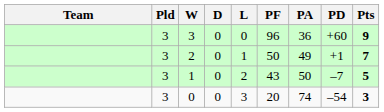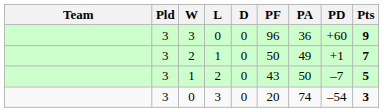 <table class="wikitable" style="text-align:center;">
 <tr>
 <th width=175>Team</th>
 <th width=25 abbr="Played">Pld</th>
 <th width=25 abbr="Won">W</th>
+<th width=25 abbr="Lost">L</th>
 <th width=25 abbr="Drawn">D</th>
-<th width=25 abbr="Lost">L</th>
 <th width=32 abbr="Points for">PF</th>
 <th width=32 abbr="Points against">PA</th>
 <th width=32 abbr="Points difference">PD</th>
 <th width=25 abbr="Points">Pts</th>
 </tr>
 <tr bgcolor=ccffcc>
 <td align=left></td>
 <td>3</td>
 <td>3</td>
 <td>0</td>
 <td>0</td>
 <td>96</td>
 <td>36</td>
 <td>+60</td>
 <td><strong>9</strong></td>
 </tr>
 <tr bgcolor=ccffcc>
 <td align=left></td>
 <td>3</td>
 <td>2</td>
+<td>1</td>
 <td>0</td>
-<td>1</td>
 <td>50</td>
 <td>49</td>
 <td>+1</td>
 <td><strong>7</strong></td>
 </tr>
 <tr bgcolor=ccffcc>
 <td align=left></td>
 <td>3</td>
 <td>1</td>
+<td>2</td>
 <td>0</td>
-<td>2</td>
 <td>43</td>
 <td>50</td>
 <td>–7</td>
 <td><strong>5</strong></td>
 </tr>
 <tr>
 <td align=left></td>
 <td>3</td>
 <td>0</td>
+<td>3</td>
 <td>0</td>
-<td>3</td>
 <td>20</td>
 <td>74</td>
 <td>–54</td>
 <td><strong>3</strong></td>
 </tr>
 </table>
